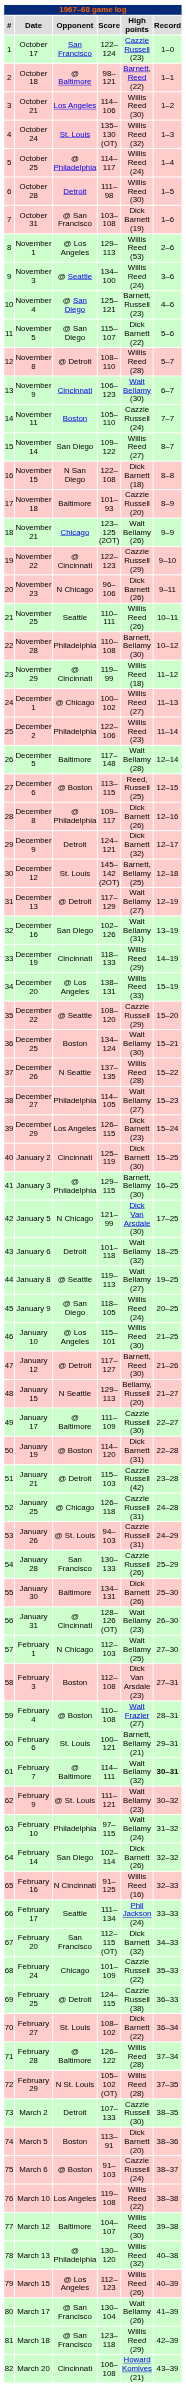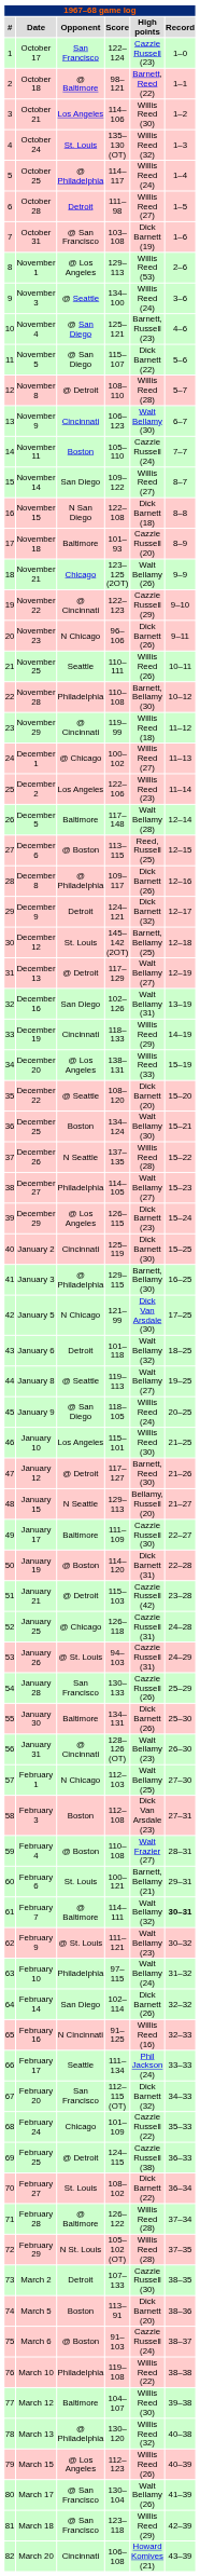 <table class="toccolours collapsible" width=50% style="clear:both; margin:1.5em auto; text-align:center">
 <tr>
 <th colspan=11 style="background:#062A78; color:#FF5F00;">1967–68 game log</th>
 </tr>
 <tr align="center" bgcolor="#dddddd">
 <td><strong>#</strong></td>
 <td><strong>Date</strong></td>
 <td><strong>Opponent</strong></td>
 <td><strong>Score</strong></td>
 <td><strong>High points</strong></td>
 <td><strong>Record</strong></td>
 </tr>
 <tr align="center" bgcolor="ccffcc">
 <td>1</td>
 <td>October 17</td>
 <td><a href='#'>San Francisco</a></td>
 <td>122–124</td>
 <td><a href='#'>Cazzie Russell</a> (23)</td>
 <td>1–0</td>
 </tr>
 <tr align="center" bgcolor="ffcccc">
 <td>2</td>
 <td>October 18</td>
 <td>@ <a href='#'>Baltimore</a></td>
 <td>98–121</td>
 <td><a href='#'>Barnett</a>, <a href='#'>Reed</a> (22)</td>
 <td>1–1</td>
 </tr>
 <tr align="center" bgcolor="ffcccc">
 <td>3</td>
 <td>October 21</td>
 <td><a href='#'>Los Angeles</a></td>
 <td>114–106</td>
 <td>Willis Reed (30)</td>
 <td>1–2</td>
 </tr>
 <tr align="center" bgcolor="ffcccc">
 <td>4</td>
 <td>October 24</td>
 <td><a href='#'>St. Louis</a></td>
 <td>135–130 (OT)</td>
 <td>Willis Reed (32)</td>
 <td>1–3</td>
 </tr>
 <tr align="center" bgcolor="ffcccc">
 <td>5</td>
 <td>October 25</td>
 <td>@ <a href='#'>Philadelphia</a></td>
 <td>114–117</td>
 <td>Willis Reed (24)</td>
 <td>1–4</td>
 </tr>
 <tr align="center" bgcolor="ffcccc">
 <td>6</td>
 <td>October 28</td>
 <td><a href='#'>Detroit</a></td>
 <td>111–98</td>
-<td>Willis Reed (30)</td>
+<td>Willis Reed (27)</td>
 <td>1–5</td>
 </tr>
 <tr align="center" bgcolor="ffcccc">
 <td>7</td>
 <td>October 31</td>
 <td>@ San Francisco</td>
 <td>103–108</td>
 <td>Dick Barnett (19)</td>
 <td>1–6</td>
 </tr>
 <tr align="center" bgcolor="ccffcc">
 <td>8</td>
 <td>November 1</td>
 <td>@ Los Angeles</td>
 <td>129–113</td>
 <td>Willis Reed (53)</td>
 <td>2–6</td>
 </tr>
 <tr align="center" bgcolor="ccffcc">
 <td>9</td>
 <td>November 3</td>
 <td>@ <a href='#'>Seattle</a></td>
 <td>134–100</td>
 <td>Willis Reed (24)</td>
 <td>3–6</td>
 </tr>
 <tr align="center" bgcolor="ccffcc">
 <td>10</td>
 <td>November 4</td>
 <td>@ <a href='#'>San Diego</a></td>
 <td>125–121</td>
 <td>Barnett, Russell (23)</td>
 <td>4–6</td>
 </tr>
 <tr align="center" bgcolor="ccffcc">
 <td>11</td>
 <td>November 5</td>
 <td>@ San Diego</td>
 <td>115–107</td>
 <td>Dick Barnett (22)</td>
 <td>5–6</td>
 </tr>
 <tr align="center" bgcolor="ffcccc">
 <td>12</td>
 <td>November 8</td>
 <td>@ Detroit</td>
 <td>108–110</td>
 <td>Willis Reed (28)</td>
 <td>5–7</td>
 </tr>
 <tr align="center" bgcolor="ccffcc">
 <td>13</td>
 <td>November 9</td>
 <td><a href='#'>Cincinnati</a></td>
 <td>106–123</td>
 <td><a href='#'>Walt Bellamy</a> (30)</td>
 <td>6–7</td>
 </tr>
 <tr align="center" bgcolor="ccffcc">
 <td>14</td>
 <td>November 11</td>
 <td><a href='#'>Boston</a></td>
 <td>105–110</td>
 <td>Cazzie Russell (24)</td>
 <td>7–7</td>
 </tr>
 <tr align="center" bgcolor="ccffcc">
 <td>15</td>
 <td>November 14</td>
 <td>San Diego</td>
 <td>109–122</td>
 <td>Willis Reed (27)</td>
 <td>8–7</td>
 </tr>
 <tr align="center" bgcolor="ffcccc">
 <td>16</td>
 <td>November 15</td>
 <td>N San Diego</td>
 <td>122–108</td>
 <td>Dick Barnett (18)</td>
 <td>8–8</td>
 </tr>
 <tr align="center" bgcolor="ffcccc">
 <td>17</td>
 <td>November 18</td>
 <td>Baltimore</td>
 <td>101–93</td>
 <td>Cazzie Russell (20)</td>
 <td>8–9</td>
 </tr>
 <tr align="center" bgcolor="ccffcc">
 <td>18</td>
 <td>November 21</td>
 <td><a href='#'>Chicago</a></td>
 <td>123–125 (2OT)</td>
 <td>Walt Bellamy (26)</td>
 <td>9–9</td>
 </tr>
 <tr align="center" bgcolor="ffcccc">
 <td>19</td>
 <td>November 22</td>
 <td>@ Cincinnati</td>
 <td>122–123</td>
 <td>Cazzie Russell (29)</td>
 <td>9–10</td>
 </tr>
 <tr align="center" bgcolor="ffcccc">
 <td>20</td>
 <td>November 23</td>
 <td>N Chicago</td>
 <td>96–106</td>
 <td>Dick Barnett (26)</td>
 <td>9–11</td>
 </tr>
 <tr align="center" bgcolor="ccffcc">
 <td>21</td>
 <td>November 25</td>
 <td>Seattle</td>
 <td>110–111</td>
 <td>Willis Reed (26)</td>
 <td>10–11</td>
 </tr>
 <tr align="center" bgcolor="ffcccc">
 <td>22</td>
 <td>November 28</td>
 <td>Philadelphia</td>
 <td>110–108</td>
 <td>Barnett, Bellamy (30)</td>
 <td>10–12</td>
 </tr>
 <tr align="center" bgcolor="ccffcc">
 <td>23</td>
 <td>November 29</td>
 <td>@ Cincinnati</td>
 <td>119–99</td>
 <td>Willis Reed (18)</td>
 <td>11–12</td>
 </tr>
 <tr align="center" bgcolor="ffcccc">
 <td>24</td>
 <td>December 1</td>
 <td>@ Chicago</td>
 <td>100–102</td>
 <td>Willis Reed (27)</td>
 <td>11–13</td>
 </tr>
 <tr align="center" bgcolor="ffcccc">
 <td>25</td>
 <td>December 2</td>
-<td>Philadelphia</td>
+<td>Los Angeles</td>
 <td>122–106</td>
 <td>Willis Reed (23)</td>
 <td>11–14</td>
 </tr>
 <tr align="center" bgcolor="ccffcc">
 <td>26</td>
 <td>December 5</td>
 <td>Baltimore</td>
 <td>117–148</td>
 <td>Walt Bellamy (28)</td>
 <td>12–14</td>
 </tr>
 <tr align="center" bgcolor="ffcccc">
 <td>27</td>
 <td>December 6</td>
 <td>@ Boston</td>
 <td>113–115</td>
 <td>Reed, Russell (25)</td>
 <td>12–15</td>
 </tr>
 <tr align="center" bgcolor="ffcccc">
 <td>28</td>
 <td>December 8</td>
 <td>@ Philadelphia</td>
 <td>109–117</td>
 <td>Dick Barnett (26)</td>
 <td>12–16</td>
 </tr>
 <tr align="center" bgcolor="ffcccc">
 <td>29</td>
 <td>December 9</td>
 <td>Detroit</td>
 <td>124–121</td>
 <td>Dick Barnett (32)</td>
 <td>12–17</td>
 </tr>
 <tr align="center" bgcolor="ffcccc">
 <td>30</td>
 <td>December 12</td>
 <td>St. Louis</td>
 <td>145–142 (2OT)</td>
 <td>Barnett, Bellamy (25)</td>
 <td>12–18</td>
 </tr>
 <tr align="center" bgcolor="ffcccc">
 <td>31</td>
 <td>December 13</td>
 <td>@ Detroit</td>
 <td>117–129</td>
 <td>Walt Bellamy (27)</td>
 <td>12–19</td>
 </tr>
 <tr align="center" bgcolor="ccffcc">
 <td>32</td>
 <td>December 16</td>
 <td>San Diego</td>
 <td>102–126</td>
 <td>Walt Bellamy (31)</td>
 <td>13–19</td>
 </tr>
 <tr align="center" bgcolor="ccffcc">
 <td>33</td>
 <td>December 19</td>
 <td>Cincinnati</td>
 <td>118–133</td>
 <td>Willis Reed (29)</td>
 <td>14–19</td>
 </tr>
 <tr align="center" bgcolor="ccffcc">
 <td>34</td>
 <td>December 20</td>
 <td>@ Los Angeles</td>
 <td>138–131</td>
 <td>Willis Reed (33)</td>
 <td>15–19</td>
 </tr>
 <tr align="center" bgcolor="ffcccc">
 <td>35</td>
 <td>December 22</td>
 <td>@ Seattle</td>
 <td>108–120</td>
-<td>Cazzie Russell (29)</td>
+<td>Dick Barnett (20)</td>
 <td>15–20</td>
 </tr>
 <tr align="center" bgcolor="ffcccc">
 <td>36</td>
 <td>December 25</td>
 <td>Boston</td>
 <td>134–124</td>
 <td>Walt Bellamy (30)</td>
 <td>15–21</td>
 </tr>
 <tr align="center" bgcolor="ffcccc">
 <td>37</td>
 <td>December 26</td>
 <td>N Seattle</td>
 <td>137–135</td>
 <td>Willis Reed (28)</td>
 <td>15–22</td>
 </tr>
 <tr align="center" bgcolor="ffcccc">
 <td>38</td>
 <td>December 27</td>
 <td>Philadelphia</td>
 <td>114–105</td>
 <td>Walt Bellamy (27)</td>
 <td>15–23</td>
 </tr>
 <tr align="center" bgcolor="ffcccc">
 <td>39</td>
 <td>December 29</td>
-<td>Los Angeles</td>
+<td>@ Los Angeles</td>
 <td>126–115</td>
 <td>Dick Barnett (23)</td>
 <td>15–24</td>
 </tr>
 <tr align="center" bgcolor="ffcccc">
 <td>40</td>
 <td>January 2</td>
 <td>Cincinnati</td>
 <td>125–119</td>
 <td>Dick Barnett (30)</td>
 <td>15–25</td>
 </tr>
 <tr align="center" bgcolor="ccffcc">
 <td>41</td>
 <td>January 3</td>
 <td>@ Philadelphia</td>
 <td>129–115</td>
 <td>Barnett, Bellamy (30)</td>
 <td>16–25</td>
 </tr>
 <tr align="center" bgcolor="ccffcc">
 <td>42</td>
 <td>January 5</td>
 <td>N Chicago</td>
 <td>121–99</td>
 <td><a href='#'>Dick Van Arsdale</a> (30)</td>
 <td>17–25</td>
 </tr>
 <tr align="center" bgcolor="ccffcc">
 <td>43</td>
 <td>January 6</td>
 <td>Detroit</td>
 <td>101–118</td>
 <td>Walt Bellamy (32)</td>
 <td>18–25</td>
 </tr>
 <tr align="center" bgcolor="ccffcc">
 <td>44</td>
 <td>January 8</td>
 <td>@ Seattle</td>
 <td>119–113</td>
 <td>Walt Bellamy (27)</td>
 <td>19–25</td>
 </tr>
 <tr align="center" bgcolor="ccffcc">
 <td>45</td>
 <td>January 9</td>
 <td>@ San Diego</td>
 <td>118–105</td>
 <td>Willis Reed (24)</td>
 <td>20–25</td>
 </tr>
 <tr align="center" bgcolor="ccffcc">
 <td>46</td>
 <td>January 10</td>
-<td>@ Los Angeles</td>
+<td>Los Angeles</td>
 <td>115–101</td>
 <td>Willis Reed (30)</td>
 <td>21–25</td>
 </tr>
 <tr align="center" bgcolor="ffcccc">
 <td>47</td>
 <td>January 12</td>
 <td>@ Detroit</td>
 <td>117–127</td>
 <td>Barnett, Reed (30)</td>
 <td>21–26</td>
 </tr>
 <tr align="center" bgcolor="ffcccc">
 <td>48</td>
 <td>January 15</td>
 <td>N Seattle</td>
 <td>129–113</td>
 <td>Bellamy, Russell (20)</td>
 <td>21–27</td>
 </tr>
 <tr align="center" bgcolor="ccffcc">
 <td>49</td>
 <td>January 17</td>
-<td>@ Baltimore</td>
+<td>Baltimore</td>
 <td>111–109</td>
 <td>Cazzie Russell (30)</td>
 <td>22–27</td>
 </tr>
 <tr align="center" bgcolor="ffcccc">
 <td>50</td>
 <td>January 19</td>
 <td>@ Boston</td>
 <td>114–120</td>
 <td>Dick Barnett (31)</td>
 <td>22–28</td>
 </tr>
 <tr align="center" bgcolor="ccffcc">
 <td>51</td>
 <td>January 21</td>
 <td>@ Detroit</td>
 <td>115–103</td>
 <td>Cazzie Russell (42)</td>
 <td>23–28</td>
 </tr>
 <tr align="center" bgcolor="ccffcc">
 <td>52</td>
 <td>January 25</td>
 <td>@ Chicago</td>
 <td>126–118</td>
 <td>Cazzie Russell (31)</td>
 <td>24–28</td>
 </tr>
 <tr align="center" bgcolor="ffcccc">
 <td>53</td>
 <td>January 26</td>
 <td>@ St. Louis</td>
 <td>94–103</td>
 <td>Cazzie Russell (31)</td>
 <td>24–29</td>
 </tr>
 <tr align="center" bgcolor="ccffcc">
 <td>54</td>
 <td>January 28</td>
 <td>San Francisco</td>
 <td>130–133</td>
 <td>Cazzie Russell (26)</td>
 <td>25–29</td>
 </tr>
 <tr align="center" bgcolor="ffcccc">
 <td>55</td>
 <td>January 30</td>
 <td>Baltimore</td>
 <td>134–131</td>
 <td>Dick Barnett (26)</td>
 <td>25–30</td>
 </tr>
 <tr align="center" bgcolor="ccffcc">
 <td>56</td>
 <td>January 31</td>
 <td>@ Cincinnati</td>
 <td>128–126 (OT)</td>
 <td>Walt Bellamy (23)</td>
 <td>26–30</td>
 </tr>
 <tr align="center" bgcolor="ccffcc">
 <td>57</td>
 <td>February 1</td>
 <td>N Chicago</td>
 <td>112–103</td>
 <td>Walt Bellamy (25)</td>
 <td>27–30</td>
 </tr>
 <tr align="center" bgcolor="ffcccc">
 <td>58</td>
 <td>February 3</td>
 <td>Boston</td>
 <td>112–108</td>
 <td>Dick Van Arsdale (23)</td>
 <td>27–31</td>
 </tr>
 <tr align="center" bgcolor="ccffcc">
 <td>59</td>
 <td>February 4</td>
 <td>@ Boston</td>
 <td>110–108</td>
 <td><a href='#'>Walt Frazier</a> (27)</td>
 <td>28–31</td>
 </tr>
 <tr align="center" bgcolor="ccffcc">
 <td>60</td>
 <td>February 6</td>
 <td>St. Louis</td>
 <td>100–121</td>
 <td>Barnett, Bellamy (21)</td>
 <td>29–31</td>
 </tr>
 <tr align="center" bgcolor="ccffcc">
 <td>61</td>
 <td>February 7</td>
 <td>@ Baltimore</td>
 <td>114–111</td>
 <td>Walt Bellamy (32)</td>
 <td><strong>30–31</strong></td>
 </tr>
 <tr align="center" bgcolor="ffcccc">
 <td>62</td>
 <td>February 9</td>
 <td>@ St. Louis</td>
 <td>111–121</td>
 <td>Walt Bellamy (23)</td>
 <td>30–32</td>
 </tr>
 <tr align="center" bgcolor="ccffcc">
 <td>63</td>
 <td>February 10</td>
 <td>Philadelphia</td>
 <td>97–115</td>
 <td>Walt Bellamy (24)</td>
 <td>31–32</td>
 </tr>
 <tr align="center" bgcolor="ccffcc">
 <td>64</td>
 <td>February 14</td>
 <td>San Diego</td>
 <td>102–114</td>
 <td>Dick Barnett (26)</td>
 <td>32–32</td>
 </tr>
 <tr align="center" bgcolor="ffcccc">
 <td>65</td>
 <td>February 16</td>
 <td>N Cincinnati</td>
 <td>91–125</td>
 <td>Willis Reed (16)</td>
 <td>32–33</td>
 </tr>
 <tr align="center" bgcolor="ccffcc">
 <td>66</td>
 <td>February 17</td>
 <td>Seattle</td>
 <td>111–134</td>
 <td><a href='#'>Phil Jackson</a> (24)</td>
 <td>33–33</td>
 </tr>
 <tr align="center" bgcolor="ccffcc">
 <td>67</td>
 <td>February 20</td>
 <td>San Francisco</td>
 <td>112–115 (OT)</td>
 <td>Dick Barnett (32)</td>
 <td>34–33</td>
 </tr>
 <tr align="center" bgcolor="ccffcc">
 <td>68</td>
 <td>February 24</td>
 <td>Chicago</td>
 <td>101–109</td>
 <td>Cazzie Russell (22)</td>
 <td>35–33</td>
 </tr>
 <tr align="center" bgcolor="ccffcc">
 <td>69</td>
 <td>February 25</td>
 <td>@ Detroit</td>
 <td>124–115</td>
 <td>Cazzie Russell (38)</td>
 <td>36–33</td>
 </tr>
 <tr align="center" bgcolor="ffcccc">
 <td>70</td>
 <td>February 27</td>
 <td>St. Louis</td>
 <td>108–102</td>
 <td>Dick Barnett (22)</td>
 <td>36–34</td>
 </tr>
 <tr align="center" bgcolor="ccffcc">
 <td>71</td>
 <td>February 28</td>
 <td>@ Baltimore</td>
 <td>126–122</td>
 <td>Willis Reed (28)</td>
 <td>37–34</td>
 </tr>
 <tr align="center" bgcolor="ffcccc">
 <td>72</td>
 <td>February 29</td>
 <td>N St. Louis</td>
 <td>105–102 (OT)</td>
 <td>Willis Reed (28)</td>
 <td>37–35</td>
 </tr>
 <tr align="center" bgcolor="ccffcc">
 <td>73</td>
 <td>March 2</td>
 <td>Detroit</td>
 <td>107–133</td>
 <td>Cazzie Russell (30)</td>
 <td>38–35</td>
 </tr>
 <tr align="center" bgcolor="ffcccc">
 <td>74</td>
 <td>March 5</td>
 <td>Boston</td>
 <td>113–91</td>
 <td>Dick Barnett (20)</td>
 <td>38–36</td>
 </tr>
 <tr align="center" bgcolor="ffcccc">
 <td>75</td>
 <td>March 6</td>
 <td>@ Boston</td>
 <td>91–103</td>
 <td>Cazzie Russell (24)</td>
 <td>38–37</td>
 </tr>
 <tr align="center" bgcolor="ffcccc">
 <td>76</td>
 <td>March 10</td>
-<td>Los Angeles</td>
+<td>Philadelphia</td>
 <td>119–108</td>
 <td>Willis Reed (22)</td>
 <td>38–38</td>
 </tr>
 <tr align="center" bgcolor="ccffcc">
 <td>77</td>
 <td>March 12</td>
 <td>Baltimore</td>
 <td>104–107</td>
 <td>Willis Reed (30)</td>
 <td>39–38</td>
 </tr>
 <tr align="center" bgcolor="ccffcc">
 <td>78</td>
 <td>March 13</td>
 <td>@ Philadelphia</td>
 <td>130–120</td>
 <td>Willis Reed (32)</td>
 <td>40–38</td>
 </tr>
 <tr align="center" bgcolor="ffcccc">
 <td>79</td>
 <td>March 15</td>
 <td>@ Los Angeles</td>
 <td>112–123</td>
 <td>Willis Reed (26)</td>
 <td>40–39</td>
 </tr>
 <tr align="center" bgcolor="ccffcc">
 <td>80</td>
 <td>March 17</td>
 <td>@ San Francisco</td>
 <td>130–104</td>
 <td>Walt Bellamy (26)</td>
 <td>41–39</td>
 </tr>
 <tr align="center" bgcolor="ccffcc">
 <td>81</td>
 <td>March 18</td>
 <td>@ San Francisco</td>
 <td>123–118</td>
 <td>Willis Reed (29)</td>
 <td>42–39</td>
 </tr>
 <tr align="center" bgcolor="ccffcc">
 <td>82</td>
 <td>March 20</td>
 <td>Cincinnati</td>
 <td>106–108</td>
 <td><a href='#'>Howard Komives</a> (21)</td>
 <td>43–39</td>
 </tr>
 </table>
